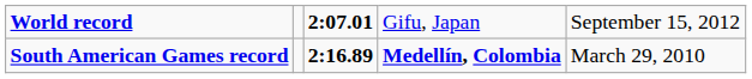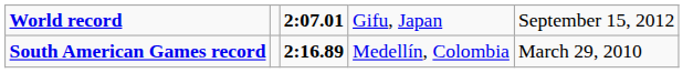 <table class="wikitable">
 <tr>
 <td><strong><a href='#'>World record</a></strong></td>
 <td></td>
 <td><strong>2:07.01</strong></td>
 <td><a href='#'>Gifu</a>, <a href='#'>Japan</a></td>
 <td>September 15, 2012</td>
 </tr>
 <tr>
 <td><strong><a href='#'>South American Games record</a></strong></td>
 <td></td>
 <td><strong>2:16.89</strong></td>
-<td><strong><a href='#'>Medellín</a>, <a href='#'>Colombia</a></strong></td>
+<td><a href='#'>Medellín</a>, <a href='#'>Colombia</a></td>
 <td>March 29, 2010</td>
 </tr>
 </table>
